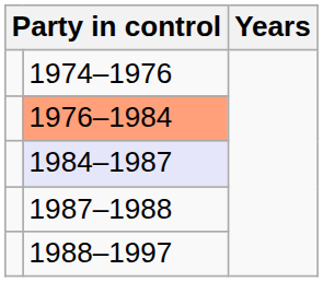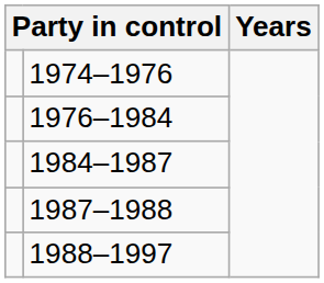 <table class="wikitable">
 <tr>
 <th colspan="2">Party in control</th>
 <th>Years</th>
 </tr>
 <tr>
 <td></td>
 <td>1974–1976</td>
 </tr>
 <tr>
 <td></td>
-<td style="background: lightsalmon;">1976–1984</td>
+<td>1976–1984</td>
 </tr>
 <tr>
 <td></td>
-<td style="background: lavender;">1984–1987</td>
+<td>1984–1987</td>
 </tr>
 <tr>
 <td></td>
 <td>1987–1988</td>
 </tr>
 <tr>
 <td></td>
 <td>1988–1997</td>
 </tr>
 </table>
